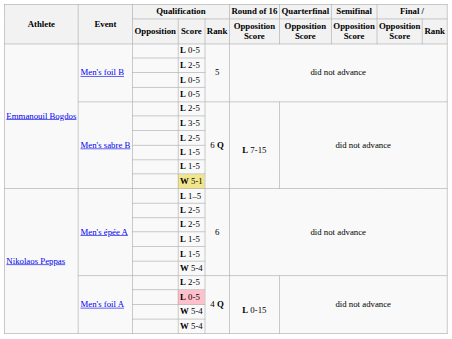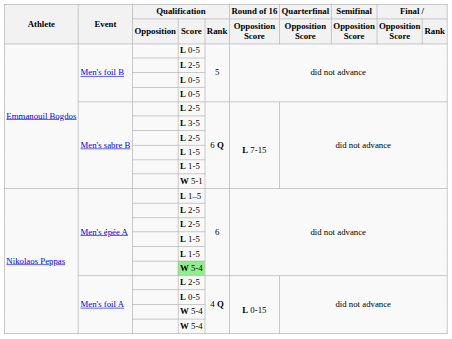 <table class=wikitable style="font-size:90%">
 <tr>
 <th rowspan="2">Athlete</th>
 <th rowspan="2">Event</th>
 <th colspan="3">Qualification</th>
 <th>Round of 16</th>
 <th>Quarterfinal</th>
 <th>Semifinal</th>
 <th colspan="2">Final / </th>
 </tr>
 <tr>
 <th>Opposition</th>
 <th>Score</th>
 <th>Rank</th>
 <th>Opposition<br>Score</th>
 <th>Opposition<br>Score</th>
 <th>Opposition<br>Score</th>
 <th>Opposition<br>Score</th>
 <th>Rank</th>
 </tr>
 <tr>
 <td rowspan=10><a href='#'>Emmanouil Bogdos</a></td>
 <td rowspan=4><a href='#'>Men's foil B</a></td>
 <td></td>
 <td><strong>L</strong> 0-5</td>
 <td align="center" rowspan=4>5</td>
 <td align="center" rowspan=4 colspan=5>did not advance</td>
 </tr>
 <tr>
 <td></td>
 <td><strong>L</strong> 2-5</td>
 </tr>
 <tr>
 <td></td>
 <td><strong>L</strong> 0-5</td>
 </tr>
 <tr>
 <td></td>
 <td><strong>L</strong> 0-5</td>
 </tr>
 <tr>
 <td rowspan=6><a href='#'>Men's sabre B</a></td>
 <td></td>
 <td><strong>L</strong> 2-5</td>
 <td align="center" rowspan=6>6 <strong>Q</strong></td>
 <td align="center" rowspan=6><br><strong>L</strong> 7-15</td>
 <td align="center" rowspan=6 colspan=4>did not advance</td>
 </tr>
 <tr>
 <td></td>
 <td><strong>L</strong> 3-5</td>
 </tr>
 <tr>
 <td></td>
 <td><strong>L</strong> 2-5</td>
 </tr>
 <tr>
 <td></td>
 <td><strong>L</strong> 1-5</td>
 </tr>
 <tr>
 <td></td>
 <td><strong>L</strong> 1-5</td>
 </tr>
 <tr>
 <td></td>
-<td style="background: khaki;"><strong>W</strong> 5-1</td>
+<td><strong>W</strong> 5-1</td>
 </tr>
 <tr>
 <td rowspan=10><a href='#'>Nikolaos Peppas</a></td>
 <td rowspan=6><a href='#'>Men's épée A</a></td>
 <td></td>
 <td><strong>L</strong> 1–5</td>
 <td align="center" rowspan=6>6</td>
 <td align="center" rowspan=6 colspan=5>did not advance</td>
 </tr>
 <tr>
 <td></td>
 <td><strong>L</strong> 2-5</td>
 </tr>
 <tr>
 <td></td>
 <td><strong>L</strong> 2-5</td>
 </tr>
 <tr>
 <td></td>
 <td><strong>L</strong> 1-5</td>
 </tr>
 <tr>
 <td></td>
 <td><strong>L</strong> 1-5</td>
 </tr>
 <tr>
 <td></td>
-<td><strong>W</strong> 5-4</td>
+<td style="background: lightgreen;"><strong>W</strong> 5-4</td>
 </tr>
 <tr>
 <td rowspan=4><a href='#'>Men's foil A</a></td>
 <td></td>
 <td><strong>L</strong> 2-5</td>
 <td align="center" rowspan=4>4 <strong>Q</strong></td>
 <td align="center" rowspan=4><br><strong>L</strong> 0-15</td>
 <td align="center" rowspan=4 colspan=4>did not advance</td>
 </tr>
 <tr>
 <td></td>
-<td style="background: pink;"><strong>L</strong> 0-5</td>
+<td><strong>L</strong> 0-5</td>
 </tr>
 <tr>
 <td></td>
 <td><strong>W</strong> 5-4</td>
 </tr>
 <tr>
 <td></td>
 <td><strong>W</strong> 5-4</td>
 </tr>
 </table>
